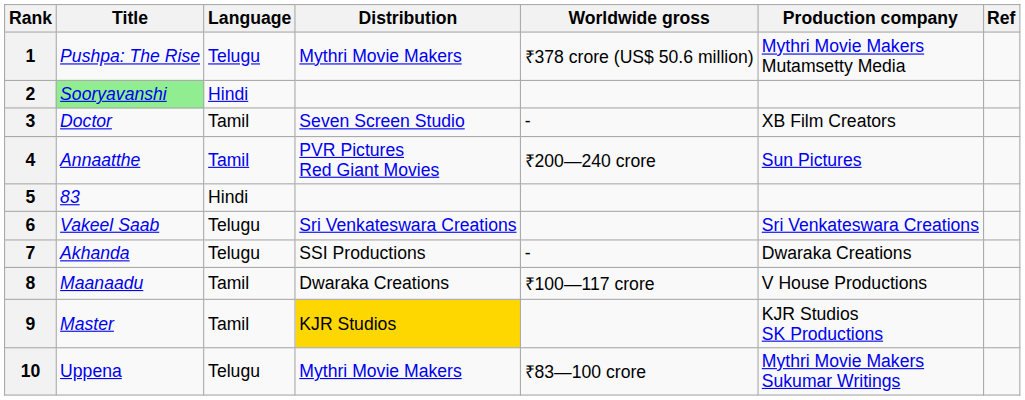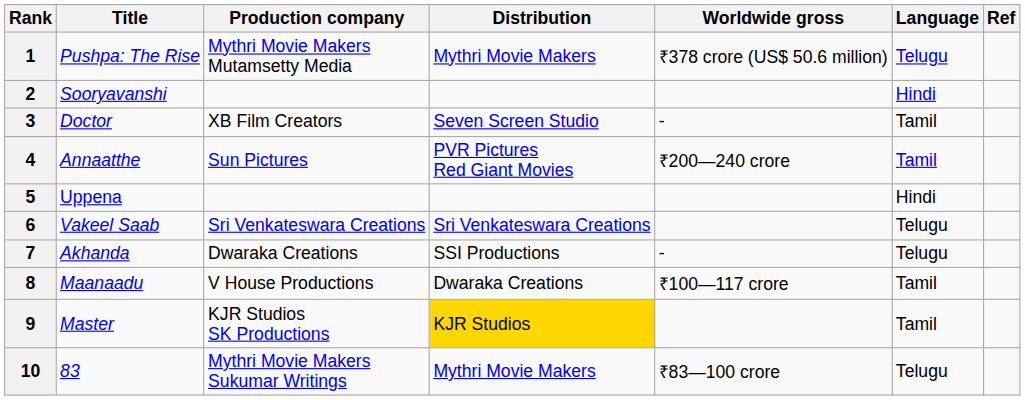 <table class="wikitable sortable" style=" margin:auto;">
 <tr>
 <th>Rank</th>
 <th>Title</th>
-<th>Language</th>
+<th>Production company</th>
 <th>Distribution</th>
 <th>Worldwide gross</th>
-<th>Production company</th>
+<th>Language</th>
 <th>Ref</th>
 </tr>
 <tr>
 <th style="text-align:center;">1</th>
 <td style="text-align:center"><em><a href='#'>Pushpa: The Rise</a></em></td>
-<td><a href='#'>Telugu</a></td>
+<td><a href='#'>Mythri Movie Makers</a><br>Mutamsetty Media</td>
 <td><a href='#'>Mythri Movie Makers</a></td>
 <td>₹378 crore (US$ 50.6 million)</td>
-<td><a href='#'>Mythri Movie Makers</a><br>Mutamsetty Media</td>
+<td><a href='#'>Telugu</a></td>
 <td></td>
 </tr>
 <tr>
 <th style="text-align:center;">2</th>
-<td style="background: lightgreen;"><em><a href='#'>Sooryavanshi</a></em></td>
-<td><a href='#'>Hindi</a></td>
+<td><em><a href='#'>Sooryavanshi</a></em></td>
 <td></td>
 <td></td>
 <td></td>
+<td><a href='#'>Hindi</a></td>
 <td></td>
 </tr>
 <tr>
 <th style="text-align:center;">3</th>
 <td><em><a href='#'>Doctor</a></em></td>
-<td>Tamil</td>
+<td>XB Film Creators</td>
 <td><a href='#'>Seven Screen Studio</a></td>
 <td>-</td>
-<td>XB Film Creators</td>
+<td>Tamil</td>
 <td></td>
 </tr>
 <tr>
 <th style="textalign:center;">4</th>
 <td><em><a href='#'>Annaatthe</a></em></td>
-<td><a href='#'>Tamil</a></td>
+<td><a href='#'>Sun Pictures</a></td>
 <td><a href='#'>PVR Pictures</a><br><a href='#'>Red Giant Movies</a></td>
 <td>₹200—240 crore</td>
-<td><a href='#'>Sun Pictures</a></td>
+<td><a href='#'>Tamil</a></td>
 <td></td>
 </tr>
 <tr>
 <th style="text-align:center;">5</th>
-<td><em><a href='#'>83</a></em></td>
-<td>Hindi</td>
+<td><a href='#'>Uppena</a></td>
 <td></td>
 <td></td>
 <td></td>
+<td>Hindi</td>
 <td></td>
 </tr>
 <tr>
 <th style="text-align:center;">6</th>
 <td><em><a href='#'>Vakeel Saab</a></em></td>
-<td>Telugu</td>
+<td><a href='#'>Sri Venkateswara Creations</a></td>
 <td><a href='#'>Sri Venkateswara Creations</a></td>
 <td></td>
-<td><a href='#'>Sri Venkateswara Creations</a></td>
+<td>Telugu</td>
 <td></td>
 </tr>
 <tr>
 <th style="text-align:center;">7</th>
 <td><em><a href='#'>Akhanda</a></em></td>
-<td>Telugu</td>
+<td>Dwaraka Creations</td>
 <td>SSI Productions</td>
 <td>-</td>
-<td>Dwaraka Creations</td>
+<td>Telugu</td>
 <td></td>
 </tr>
 <tr>
 <th style="text-align:center;">8</th>
 <td><em><a href='#'>Maanaadu</a></em></td>
-<td>Tamil</td>
+<td>V House Productions</td>
 <td>Dwaraka Creations</td>
 <td>₹100—117 crore</td>
-<td>V House Productions</td>
+<td>Tamil</td>
 <td></td>
 </tr>
 <tr>
 <th style="text-align:center;">9</th>
 <td><em><a href='#'>Master</a></em></td>
-<td>Tamil</td>
+<td>KJR Studios<br><a href='#'>SK Productions</a></td>
 <td style="background: gold;">KJR Studios</td>
 <td></td>
-<td>KJR Studios<br><a href='#'>SK Productions</a></td>
+<td>Tamil</td>
 <td></td>
 </tr>
 <tr>
 <th>10</th>
-<td><a href='#'>Uppena</a></td>
-<td>Telugu</td>
+<td><em><a href='#'>83</a></em></td>
+<td><a href='#'>Mythri Movie Makers</a><br><a href='#'>Sukumar Writings</a></td>
 <td><a href='#'>Mythri Movie Makers</a></td>
 <td>₹83—100 crore</td>
-<td><a href='#'>Mythri Movie Makers</a><br><a href='#'>Sukumar Writings</a></td>
+<td>Telugu</td>
 <td></td>
 </tr>
 </table>
